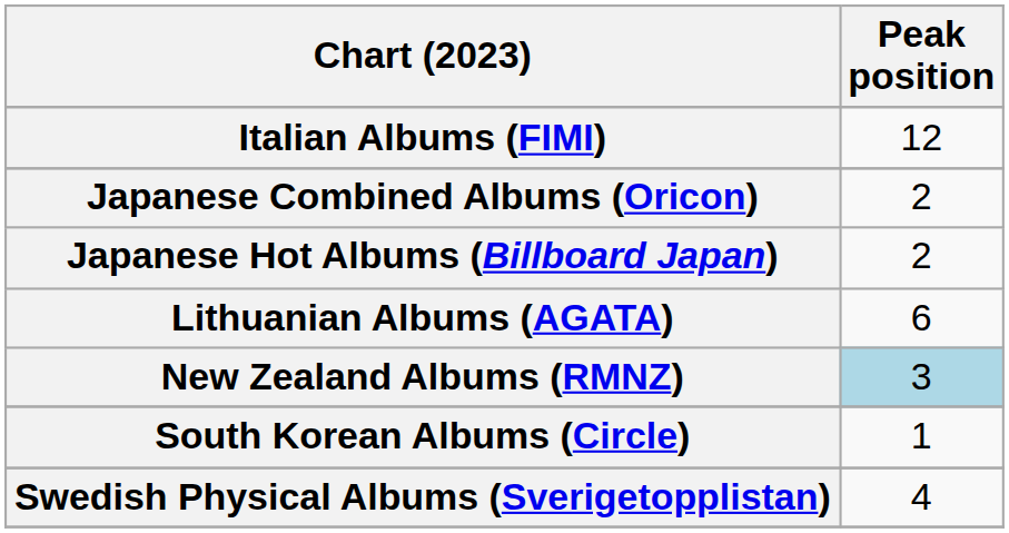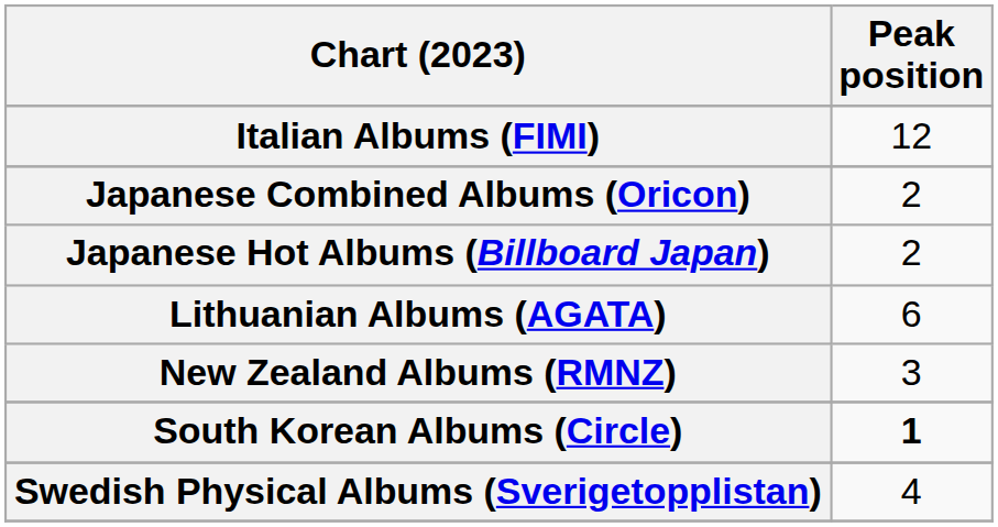 <table class="wikitable plainrowheaders sortable" style="text-align:center">
 <tr>
 <th scope="col">Chart (2023)</th>
 <th scope="col">Peak<br>position</th>
 </tr>
 <tr>
 </tr>
 <tr>
 </tr>
 <tr>
 </tr>
 <tr>
 </tr>
 <tr>
 </tr>
 <tr>
 </tr>
 <tr>
 </tr>
 <tr>
 </tr>
 <tr>
 <th scope="row">Italian Albums (<a href='#'>FIMI</a>)</th>
 <td>12</td>
 </tr>
 <tr>
 </tr>
 <tr>
 <th scope="row">Japanese Combined Albums (<a href='#'>Oricon</a>)</th>
 <td>2</td>
 </tr>
 <tr>
 <th scope="row">Japanese Hot Albums (<em><a href='#'>Billboard Japan</a></em>)</th>
 <td>2</td>
 </tr>
 <tr>
 <th scope="row">Lithuanian Albums (<a href='#'>AGATA</a>)</th>
 <td>6</td>
 </tr>
 <tr>
 <th scope="row">New Zealand Albums (<a href='#'>RMNZ</a>)</th>
-<td style="background: lightblue;">3</td>
+<td>3</td>
 </tr>
 <tr>
 </tr>
 <tr>
 </tr>
 <tr>
 <th scope="row">South Korean Albums (<a href='#'>Circle</a>)</th>
-<td>1</td>
+<td><strong>1</strong></td>
 </tr>
 <tr>
 </tr>
 <tr>
 <th scope="row">Swedish Physical Albums (<a href='#'>Sverigetopplistan</a>)</th>
 <td>4</td>
 </tr>
 <tr>
 </tr>
 <tr>
 </tr>
 <tr>
 </tr>
 </table>
